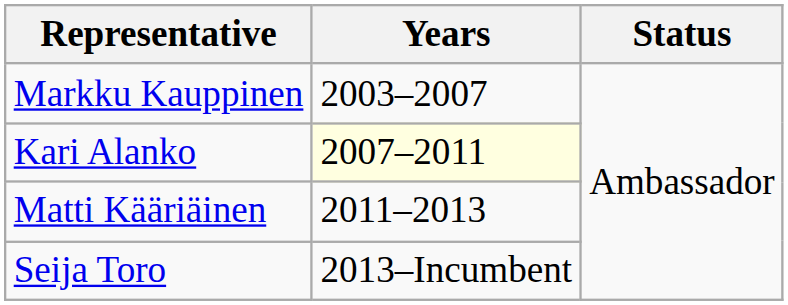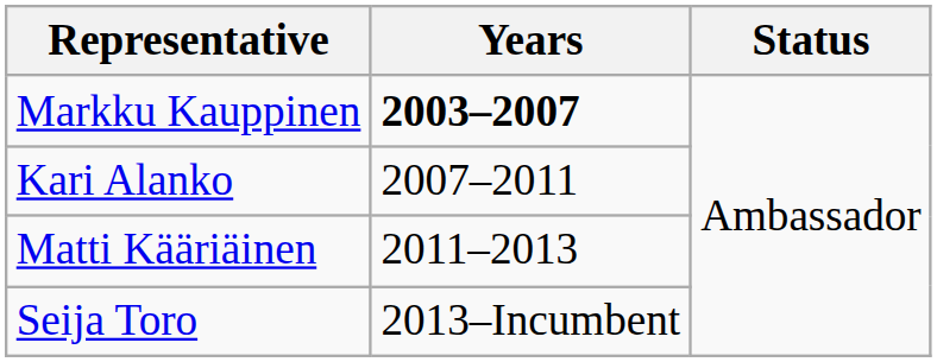 <table class="wikitable sortable">
 <tr>
 <th>Representative</th>
 <th>Years</th>
 <th>Status</th>
 </tr>
 <tr>
 <td><a href='#'>Markku Kauppinen</a></td>
-<td>2003–2007</td>
+<td><strong>2003–2007</strong></td>
 <td rowspan="4">Ambassador</td>
 </tr>
 <tr>
 <td><a href='#'>Kari Alanko</a></td>
-<td style="background: lightyellow;">2007–2011</td>
+<td>2007–2011</td>
 </tr>
 <tr>
 <td><a href='#'>Matti Kääriäinen</a></td>
 <td>2011–2013</td>
 </tr>
 <tr>
 <td><a href='#'>Seija Toro</a></td>
 <td>2013–Incumbent</td>
 </tr>
 </table>
